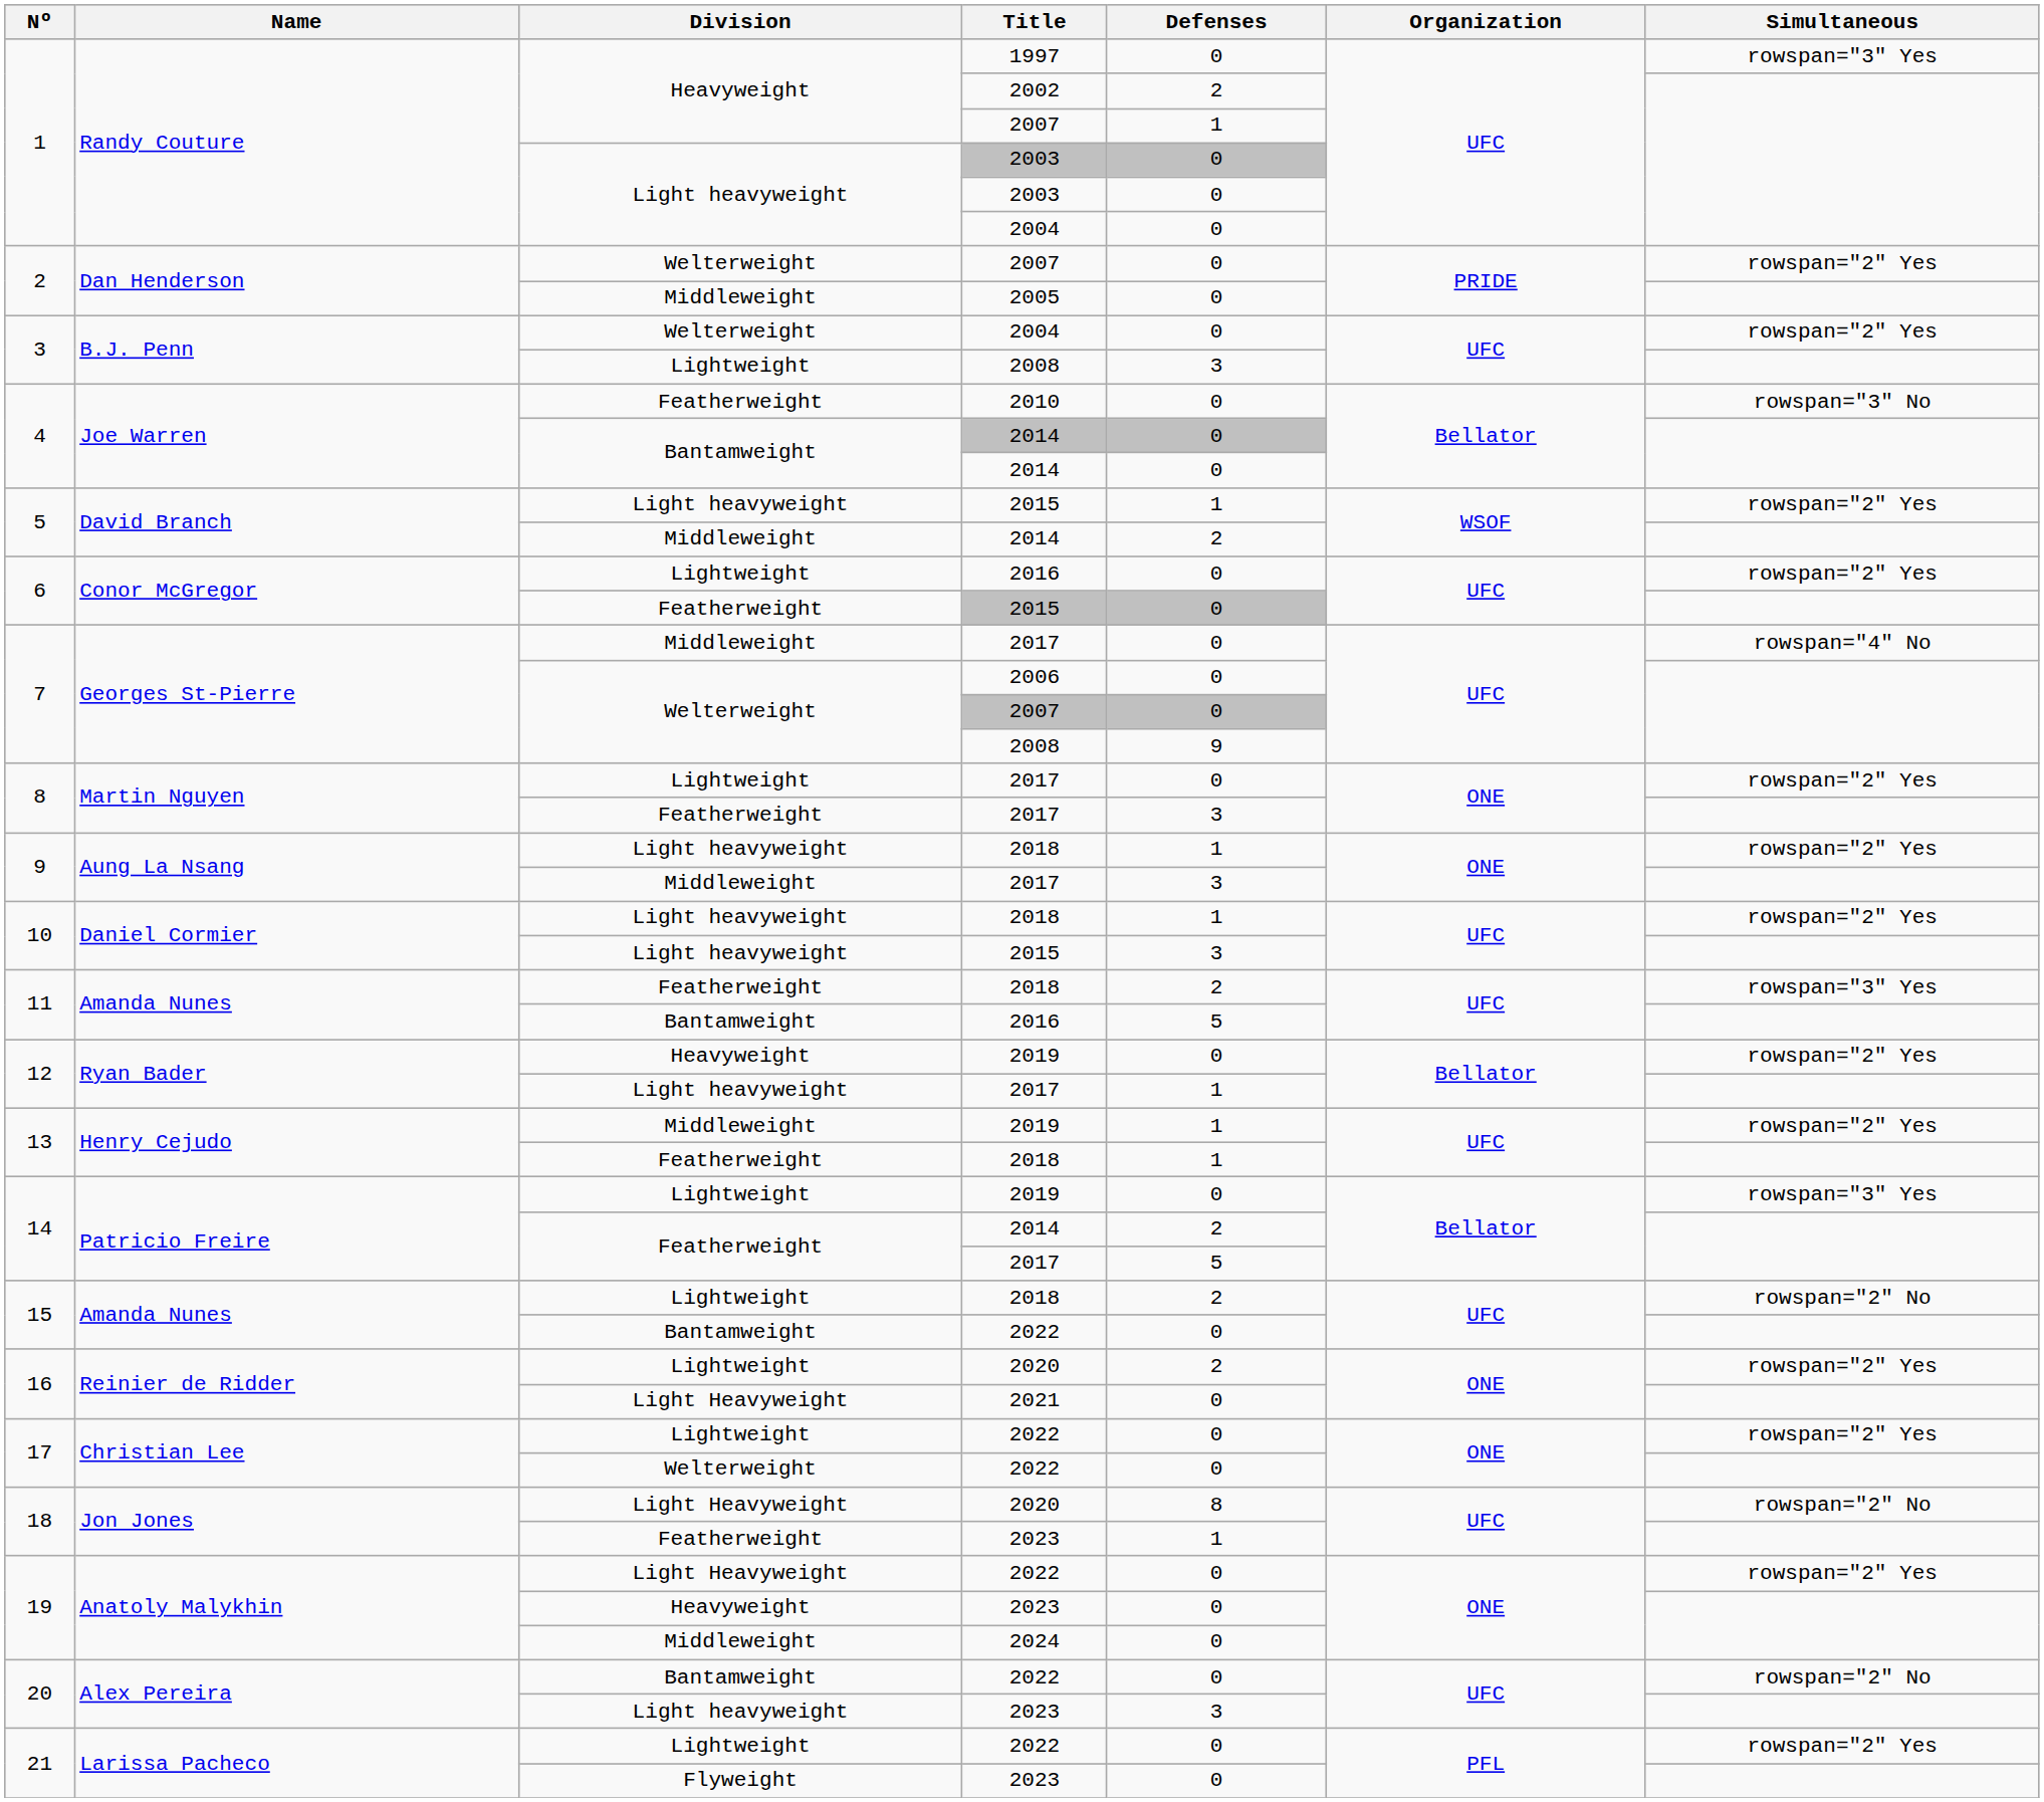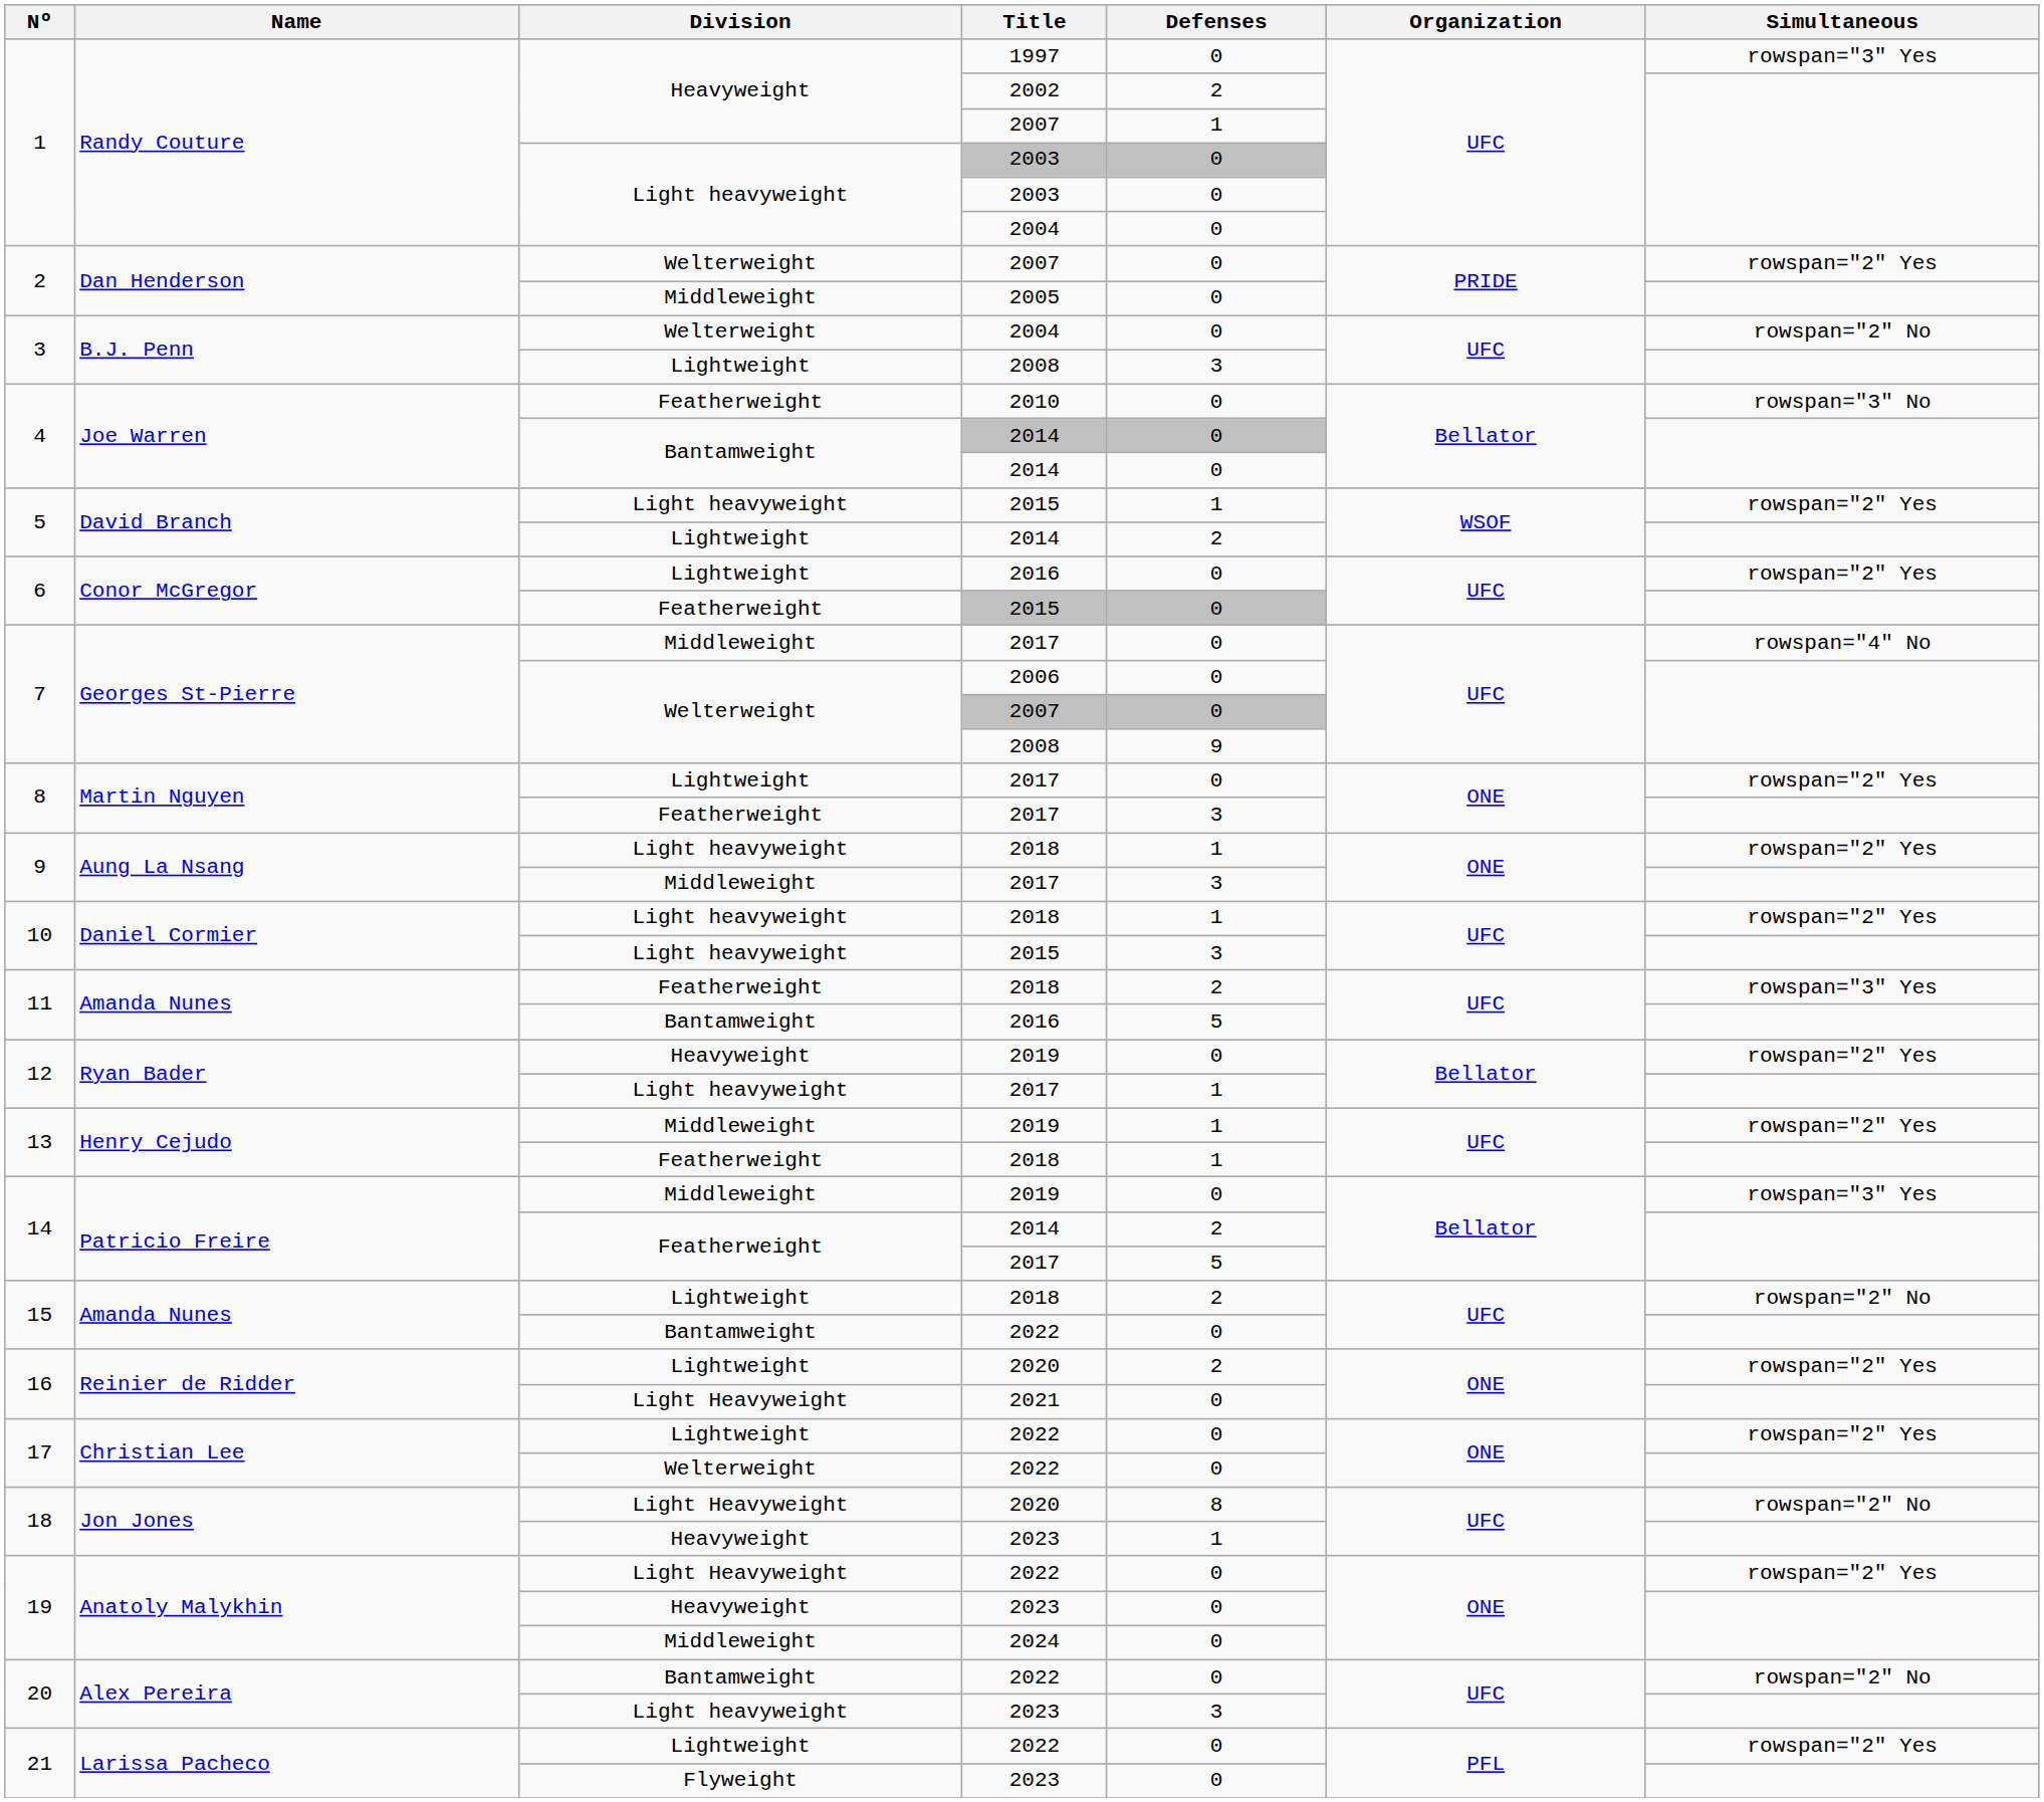 <table class="wikitable sortable" style="width:99%; text-align:center;">
 <tr>
 <th>Nº</th>
 <th>Name</th>
 <th>Division</th>
 <th>Title</th>
 <th>Defenses</th>
 <th>Organization</th>
 <th>Simultaneous</th>
 </tr>
 <tr>
 <td rowspan="6">1</td>
 <td rowspan="6" align="left"><a href='#'>Randy Couture</a></td>
 <td rowspan="3">Heavyweight</td>
 <td>1997</td>
 <td>0</td>
 <td rowspan="6"><a href='#'>UFC</a></td>
 <td>rowspan="3" Yes</td>
 </tr>
 <tr>
 <td>2002</td>
 <td>2</td>
 </tr>
 <tr>
 <td>2007</td>
 <td>1</td>
 </tr>
 <tr>
 <td rowspan="3">Light heavyweight</td>
 <td bgcolor=#C0C0C0>2003</td>
 <td bgcolor=#C0C0C0>0</td>
 </tr>
 <tr>
 <td>2003</td>
 <td>0</td>
 </tr>
 <tr>
 <td>2004</td>
 <td>0</td>
 </tr>
 <tr>
 <td rowspan="2">2</td>
 <td rowspan="2" align="left"><a href='#'>Dan Henderson</a></td>
 <td>Welterweight</td>
 <td>2007</td>
 <td>0</td>
 <td rowspan="2"><a href='#'>PRIDE</a></td>
 <td>rowspan="2" Yes</td>
 </tr>
 <tr>
 <td>Middleweight</td>
 <td>2005</td>
 <td>0</td>
 </tr>
 <tr>
 <td rowspan="2">3</td>
 <td rowspan="2" align="left"><a href='#'>B.J. Penn</a></td>
 <td>Welterweight</td>
 <td>2004</td>
 <td>0</td>
 <td rowspan="2"><a href='#'>UFC</a></td>
-<td>rowspan="2" Yes</td>
+<td>rowspan="2" No</td>
 </tr>
 <tr>
 <td>Lightweight</td>
 <td>2008</td>
 <td>3</td>
 </tr>
 <tr>
 <td rowspan="3">4</td>
 <td rowspan="3" align="left"><a href='#'>Joe Warren</a></td>
 <td>Featherweight</td>
 <td>2010</td>
 <td>0</td>
 <td rowspan="3"><a href='#'>Bellator</a></td>
 <td>rowspan="3" No</td>
 </tr>
 <tr>
 <td rowspan="2">Bantamweight</td>
 <td bgcolor=#C0C0C0>2014</td>
 <td bgcolor=#C0C0C0>0</td>
 </tr>
 <tr>
 <td>2014</td>
 <td>0</td>
 </tr>
 <tr>
 <td rowspan="2">5</td>
 <td rowspan="2" align="left"><a href='#'>David Branch</a></td>
 <td>Light heavyweight</td>
 <td>2015</td>
 <td>1</td>
 <td rowspan="2"><a href='#'>WSOF</a></td>
 <td>rowspan="2" Yes</td>
 </tr>
 <tr>
-<td>Middleweight</td>
+<td>Lightweight</td>
 <td>2014</td>
 <td>2</td>
 </tr>
 <tr>
 <td rowspan="2">6</td>
 <td rowspan="2" align="left"><a href='#'>Conor McGregor</a></td>
 <td>Lightweight</td>
 <td>2016</td>
 <td>0</td>
 <td rowspan="2"><a href='#'>UFC</a></td>
 <td>rowspan="2" Yes</td>
 </tr>
 <tr>
 <td>Featherweight</td>
 <td bgcolor=#C0C0C0>2015</td>
 <td bgcolor=#C0C0C0>0</td>
 </tr>
 <tr>
 <td rowspan="4">7</td>
 <td rowspan="4" align="left"><a href='#'>Georges St-Pierre</a></td>
 <td>Middleweight</td>
 <td>2017</td>
 <td>0</td>
 <td rowspan="4"><a href='#'>UFC</a></td>
 <td>rowspan="4" No</td>
 </tr>
 <tr>
 <td rowspan="3">Welterweight</td>
 <td>2006</td>
 <td>0</td>
 </tr>
 <tr>
 <td bgcolor=#C0C0C0>2007</td>
 <td bgcolor=#C0C0C0>0</td>
 </tr>
 <tr>
 <td>2008</td>
 <td>9</td>
 </tr>
 <tr>
 <td rowspan="2">8</td>
 <td rowspan="2" align="left"><a href='#'>Martin Nguyen</a></td>
 <td>Lightweight</td>
 <td>2017</td>
 <td>0</td>
 <td rowspan="2"><a href='#'>ONE</a></td>
 <td>rowspan="2" Yes</td>
 </tr>
 <tr>
 <td>Featherweight</td>
 <td>2017</td>
 <td>3</td>
 </tr>
 <tr>
 <td rowspan="2">9</td>
 <td rowspan="2" align="left"><a href='#'>Aung La Nsang</a></td>
 <td>Light heavyweight</td>
 <td>2018</td>
 <td>1</td>
 <td rowspan="2"><a href='#'>ONE</a></td>
 <td>rowspan="2" Yes</td>
 </tr>
 <tr>
 <td>Middleweight</td>
 <td>2017</td>
 <td>3</td>
 </tr>
 <tr>
 <td rowspan="2">10</td>
 <td rowspan="2" align="left"><a href='#'>Daniel Cormier</a></td>
 <td>Light heavyweight</td>
 <td>2018</td>
 <td>1</td>
 <td rowspan="2"><a href='#'>UFC</a></td>
 <td>rowspan="2" Yes</td>
 </tr>
 <tr>
 <td>Light heavyweight</td>
 <td>2015</td>
 <td>3</td>
 </tr>
 <tr>
 <td rowspan="2">11</td>
 <td rowspan="2" align="left"><a href='#'>Amanda Nunes</a></td>
 <td>Featherweight</td>
 <td>2018</td>
 <td>2</td>
 <td rowspan="2"><a href='#'>UFC</a></td>
 <td>rowspan="3" Yes</td>
 </tr>
 <tr>
 <td>Bantamweight</td>
 <td>2016</td>
 <td>5</td>
 </tr>
 <tr>
 <td rowspan="2">12</td>
 <td rowspan="2" align="left"><a href='#'>Ryan Bader</a></td>
 <td>Heavyweight</td>
 <td>2019</td>
 <td>0</td>
 <td rowspan="2"><a href='#'>Bellator</a></td>
 <td>rowspan="2" Yes</td>
 </tr>
 <tr>
 <td>Light heavyweight</td>
 <td>2017</td>
 <td>1</td>
 </tr>
 <tr>
 <td rowspan="2">13</td>
 <td rowspan="2" align="left"><a href='#'>Henry Cejudo</a></td>
 <td>Middleweight</td>
 <td>2019</td>
 <td>1</td>
 <td rowspan="2"><a href='#'>UFC</a></td>
 <td>rowspan="2" Yes</td>
 </tr>
 <tr>
 <td>Featherweight</td>
 <td>2018</td>
 <td>1</td>
 </tr>
 <tr>
 <td rowspan="3">14</td>
 <td rowspan="3" align="left"><br><a href='#'>Patricio Freire</a></td>
-<td>Lightweight</td>
+<td>Middleweight</td>
 <td>2019</td>
 <td>0</td>
 <td rowspan="3"><a href='#'>Bellator</a></td>
 <td>rowspan="3" Yes</td>
 </tr>
 <tr>
 <td rowspan="2">Featherweight</td>
 <td>2014</td>
 <td>2</td>
 </tr>
 <tr>
 <td>2017</td>
 <td>5</td>
 </tr>
 <tr>
 <td rowspan="2">15</td>
 <td rowspan="2" align="left"><a href='#'>Amanda Nunes</a></td>
 <td>Lightweight</td>
 <td>2018</td>
 <td>2</td>
 <td rowspan="2"><a href='#'>UFC</a></td>
 <td>rowspan="2" No</td>
 </tr>
 <tr>
 <td>Bantamweight</td>
 <td>2022</td>
 <td>0</td>
 </tr>
 <tr>
 <td rowspan="2">16</td>
 <td rowspan="2" align="left"><a href='#'>Reinier de Ridder</a></td>
 <td>Lightweight</td>
 <td>2020</td>
 <td>2</td>
 <td rowspan="2"><a href='#'>ONE</a></td>
 <td>rowspan="2" Yes</td>
 </tr>
 <tr>
 <td>Light Heavyweight</td>
 <td>2021</td>
 <td>0</td>
 </tr>
 <tr>
 <td rowspan="2">17</td>
 <td rowspan="2" align="left"><a href='#'>Christian Lee</a></td>
 <td>Lightweight</td>
 <td>2022</td>
 <td>0</td>
 <td rowspan="2"><a href='#'>ONE</a></td>
 <td>rowspan="2" Yes</td>
 </tr>
 <tr>
 <td>Welterweight</td>
 <td>2022</td>
 <td>0</td>
 </tr>
 <tr>
 <td rowspan="2">18</td>
 <td rowspan="2" align="left"><a href='#'>Jon Jones</a></td>
 <td>Light Heavyweight</td>
 <td>2020</td>
 <td>8</td>
 <td rowspan="2"><a href='#'>UFC</a></td>
 <td>rowspan="2" No</td>
 </tr>
 <tr>
-<td>Featherweight</td>
+<td>Heavyweight</td>
 <td>2023</td>
 <td>1</td>
 </tr>
 <tr>
 <td rowspan="3">19</td>
 <td rowspan="3" align="left"><a href='#'>Anatoly Malykhin</a></td>
 <td>Light Heavyweight</td>
 <td>2022</td>
 <td>0</td>
 <td rowspan="3"><a href='#'>ONE</a></td>
 <td>rowspan="2" Yes</td>
 </tr>
 <tr>
 <td>Heavyweight</td>
 <td>2023</td>
 <td>0</td>
 </tr>
 <tr>
 <td>Middleweight</td>
 <td>2024</td>
 <td>0</td>
 </tr>
 <tr>
 <td rowspan="2">20</td>
 <td rowspan="2" align="left"><a href='#'>Alex Pereira</a></td>
 <td>Bantamweight</td>
 <td>2022</td>
 <td>0</td>
 <td rowspan="2"><a href='#'>UFC</a></td>
 <td>rowspan="2" No</td>
 </tr>
 <tr>
 <td>Light heavyweight</td>
 <td>2023</td>
 <td>3</td>
 </tr>
 <tr>
 <td rowspan="2">21</td>
 <td rowspan="2" align="left"><a href='#'>Larissa Pacheco</a></td>
 <td>Lightweight</td>
 <td>2022</td>
 <td>0</td>
 <td rowspan="2"><a href='#'>PFL</a></td>
 <td>rowspan="2" Yes</td>
 </tr>
 <tr>
 <td>Flyweight</td>
 <td>2023</td>
 <td>0</td>
 </tr>
 </table>
